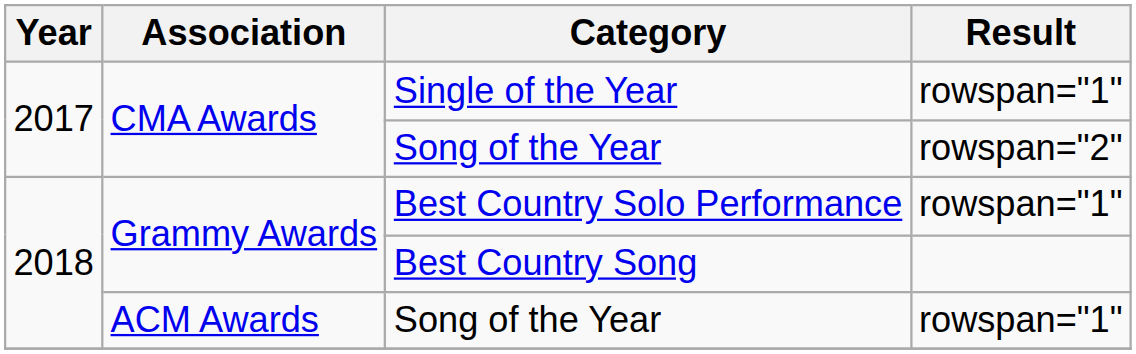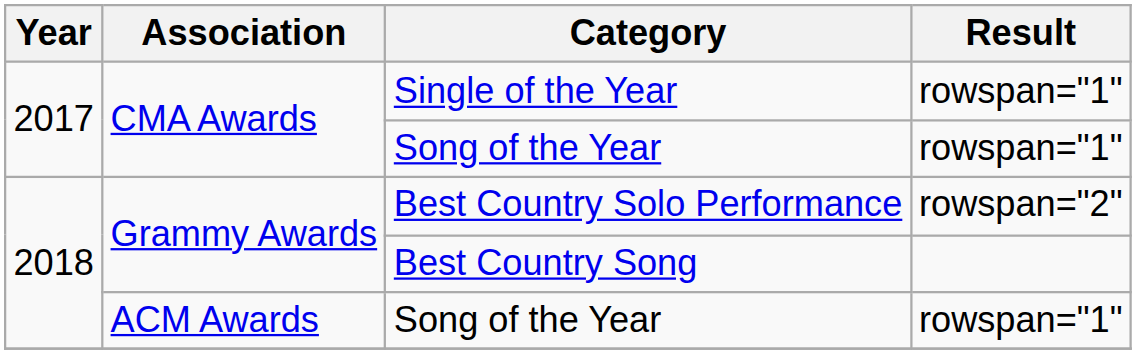 <table class="wikitable plainrowheaders">
 <tr>
 <th>Year</th>
 <th>Association</th>
 <th>Category</th>
 <th>Result</th>
 </tr>
 <tr>
 <td rowspan="2">2017</td>
 <td rowspan="2"><a href='#'>CMA Awards</a></td>
 <td><a href='#'>Single of the Year</a></td>
 <td>rowspan="1" </td>
 </tr>
 <tr>
 <td><a href='#'>Song of the Year</a></td>
-<td>rowspan="2" </td>
+<td>rowspan="1" </td>
 </tr>
 <tr>
 <td rowspan="3">2018</td>
 <td rowspan="2"><a href='#'>Grammy Awards</a></td>
 <td><a href='#'>Best Country Solo Performance</a></td>
-<td>rowspan="1" </td>
+<td>rowspan="2" </td>
 </tr>
 <tr>
 <td><a href='#'>Best Country Song</a></td>
 </tr>
 <tr>
 <td><a href='#'>ACM Awards</a></td>
 <td>Song of the Year</td>
 <td>rowspan="1" </td>
 </tr>
 <tr>
 </tr>
 </table>
